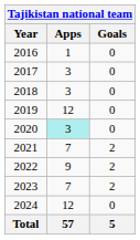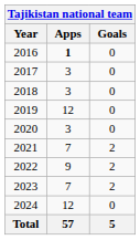 <table class="wikitable" style="text-align:center">
 <tr>
 <th colspan=3><a href='#'>Tajikistan national team</a></th>
 </tr>
 <tr>
 <th>Year</th>
 <th>Apps</th>
 <th>Goals</th>
 </tr>
 <tr>
 <td>2016</td>
-<td>1</td>
+<td><strong>1</strong></td>
 <td>0</td>
 </tr>
 <tr>
 <td>2017</td>
 <td>3</td>
 <td>0</td>
 </tr>
 <tr>
 <td>2018</td>
 <td>3</td>
 <td>0</td>
 </tr>
 <tr>
 <td>2019</td>
 <td>12</td>
 <td>0</td>
 </tr>
 <tr>
 <td>2020</td>
-<td style="background: paleturquoise;">3</td>
+<td>3</td>
 <td>0</td>
 </tr>
 <tr>
 <td>2021</td>
 <td>7</td>
 <td>2</td>
 </tr>
 <tr>
 <td>2022</td>
 <td>9</td>
 <td>2</td>
 </tr>
 <tr>
 <td>2023</td>
 <td>7</td>
 <td>2</td>
 </tr>
 <tr>
 <td>2024</td>
 <td>12</td>
 <td>0</td>
 </tr>
 <tr>
 <th>Total</th>
 <th>57</th>
 <th>5</th>
 </tr>
 </table>
